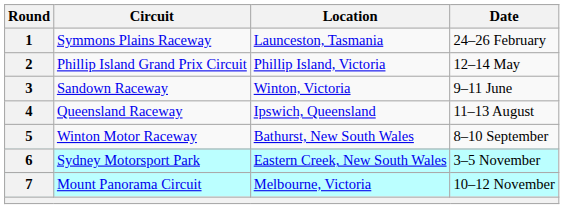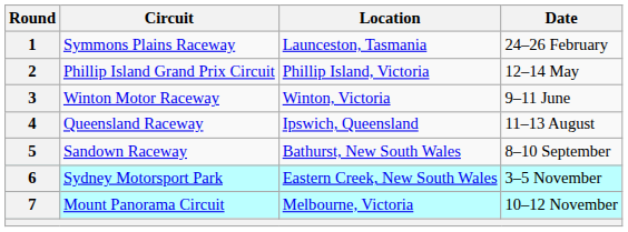 <table class="wikitable" style=font-size:85%;>
 <tr>
 <th>Round</th>
 <th>Circuit</th>
 <th>Location</th>
 <th>Date</th>
 </tr>
 <tr>
 <th>1</th>
 <td> <a href='#'>Symmons Plains Raceway</a></td>
 <td><a href='#'>Launceston, Tasmania</a></td>
 <td>24–26 February</td>
 </tr>
 <tr>
 <th>2</th>
 <td> <a href='#'>Phillip Island Grand Prix Circuit</a></td>
 <td><a href='#'>Phillip Island, Victoria</a></td>
 <td>12–14 May</td>
 </tr>
 <tr>
 <th>3</th>
-<td> <a href='#'>Sandown Raceway</a></td>
+<td> <a href='#'>Winton Motor Raceway</a></td>
 <td><a href='#'>Winton, Victoria</a></td>
 <td>9–11 June</td>
 </tr>
 <tr>
 <th>4</th>
 <td> <a href='#'>Queensland Raceway</a></td>
 <td><a href='#'>Ipswich, Queensland</a></td>
 <td>11–13 August</td>
 </tr>
 <tr>
 <th>5</th>
-<td> <a href='#'>Winton Motor Raceway</a></td>
+<td> <a href='#'>Sandown Raceway</a></td>
 <td><a href='#'>Bathurst, New South Wales</a></td>
 <td>8–10 September</td>
 </tr>
 <tr style="background:#bbffff;">
 <th>6</th>
 <td> <a href='#'>Sydney Motorsport Park</a></td>
 <td><a href='#'>Eastern Creek, New South Wales</a></td>
 <td>3–5 November</td>
 </tr>
 <tr style="background:#bbffff;">
 <th>7</th>
 <td> <a href='#'>Mount Panorama Circuit</a></td>
 <td><a href='#'>Melbourne, Victoria</a></td>
 <td>10–12 November</td>
 </tr>
 <tr>
 <th colspan="4"></th>
 </tr>
 </table>
